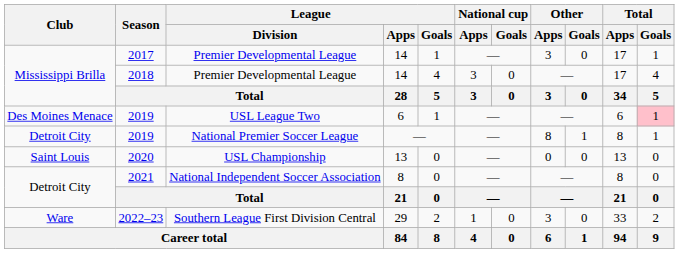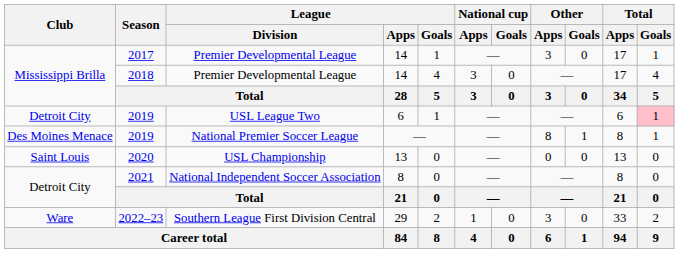 <table class="wikitable" style="text-align:center;">
 <tr>
 <th rowspan="2">Club</th>
 <th rowspan="2">Season</th>
 <th colspan="3">League</th>
 <th colspan="2">National cup</th>
 <th colspan="2">Other</th>
 <th colspan="2">Total</th>
 </tr>
 <tr>
 <th>Division</th>
 <th>Apps</th>
 <th>Goals</th>
 <th>Apps</th>
 <th>Goals</th>
 <th>Apps</th>
 <th>Goals</th>
 <th>Apps</th>
 <th>Goals</th>
 </tr>
 <tr>
 <td rowspan="3"><a href='#'>Mississippi Brilla</a></td>
 <td><a href='#'>2017</a></td>
 <td><a href='#'>Premier Developmental League</a></td>
 <td>14</td>
 <td>1</td>
 <td colspan="2">―</td>
 <td>3</td>
 <td>0</td>
 <td>17</td>
 <td>1</td>
 </tr>
 <tr>
 <td><a href='#'>2018</a></td>
 <td>Premier Developmental League</td>
 <td>14</td>
 <td>4</td>
 <td>3</td>
 <td>0</td>
 <td colspan="2">―</td>
 <td>17</td>
 <td>4</td>
 </tr>
 <tr>
 <th colspan="2">Total</th>
 <th>28</th>
 <th>5</th>
 <th>3</th>
 <th>0</th>
 <th>3</th>
 <th>0</th>
 <th>34</th>
 <th>5</th>
 </tr>
 <tr>
-<td><a href='#'>Des Moines Menace</a></td>
+<td><a href='#'>Detroit City</a></td>
 <td><a href='#'>2019</a></td>
 <td><a href='#'>USL League Two</a></td>
 <td>6</td>
 <td>1</td>
 <td colspan="2">―</td>
 <td colspan="2">―</td>
 <td>6</td>
 <td style="background: pink;">1</td>
 </tr>
 <tr>
-<td><a href='#'>Detroit City</a></td>
+<td><a href='#'>Des Moines Menace</a></td>
 <td><a href='#'>2019</a></td>
 <td><a href='#'>National Premier Soccer League</a></td>
 <td colspan="2">―</td>
 <td colspan="2">―</td>
 <td>8</td>
 <td>1</td>
 <td>8</td>
 <td>1</td>
 </tr>
 <tr>
 <td><a href='#'>Saint Louis</a></td>
 <td><a href='#'>2020</a></td>
 <td><a href='#'>USL Championship</a></td>
 <td>13</td>
 <td>0</td>
 <td colspan="2">―</td>
 <td>0</td>
 <td>0</td>
 <td>13</td>
 <td>0</td>
 </tr>
 <tr>
 <td rowspan="2">Detroit City</td>
 <td><a href='#'>2021</a></td>
 <td><a href='#'>National Independent Soccer Association</a></td>
 <td>8</td>
 <td>0</td>
 <td colspan="2">―</td>
 <td colspan="2">―</td>
 <td>8</td>
 <td>0</td>
 </tr>
 <tr>
 <th colspan="2">Total</th>
 <th>21</th>
 <th>0</th>
 <th colspan="2">―</th>
 <th colspan="2">―</th>
 <th>21</th>
 <th>0</th>
 </tr>
 <tr>
 <td><a href='#'>Ware</a></td>
 <td><a href='#'>2022–23</a></td>
 <td><a href='#'>Southern League</a> First Division Central</td>
 <td>29</td>
 <td>2</td>
 <td>1</td>
 <td>0</td>
 <td>3</td>
 <td>0</td>
 <td>33</td>
 <td>2</td>
 </tr>
 <tr>
 <th colspan="3">Career total</th>
 <th>84</th>
 <th>8</th>
 <th>4</th>
 <th>0</th>
 <th>6</th>
 <th>1</th>
 <th>94</th>
 <th>9</th>
 </tr>
 </table>
